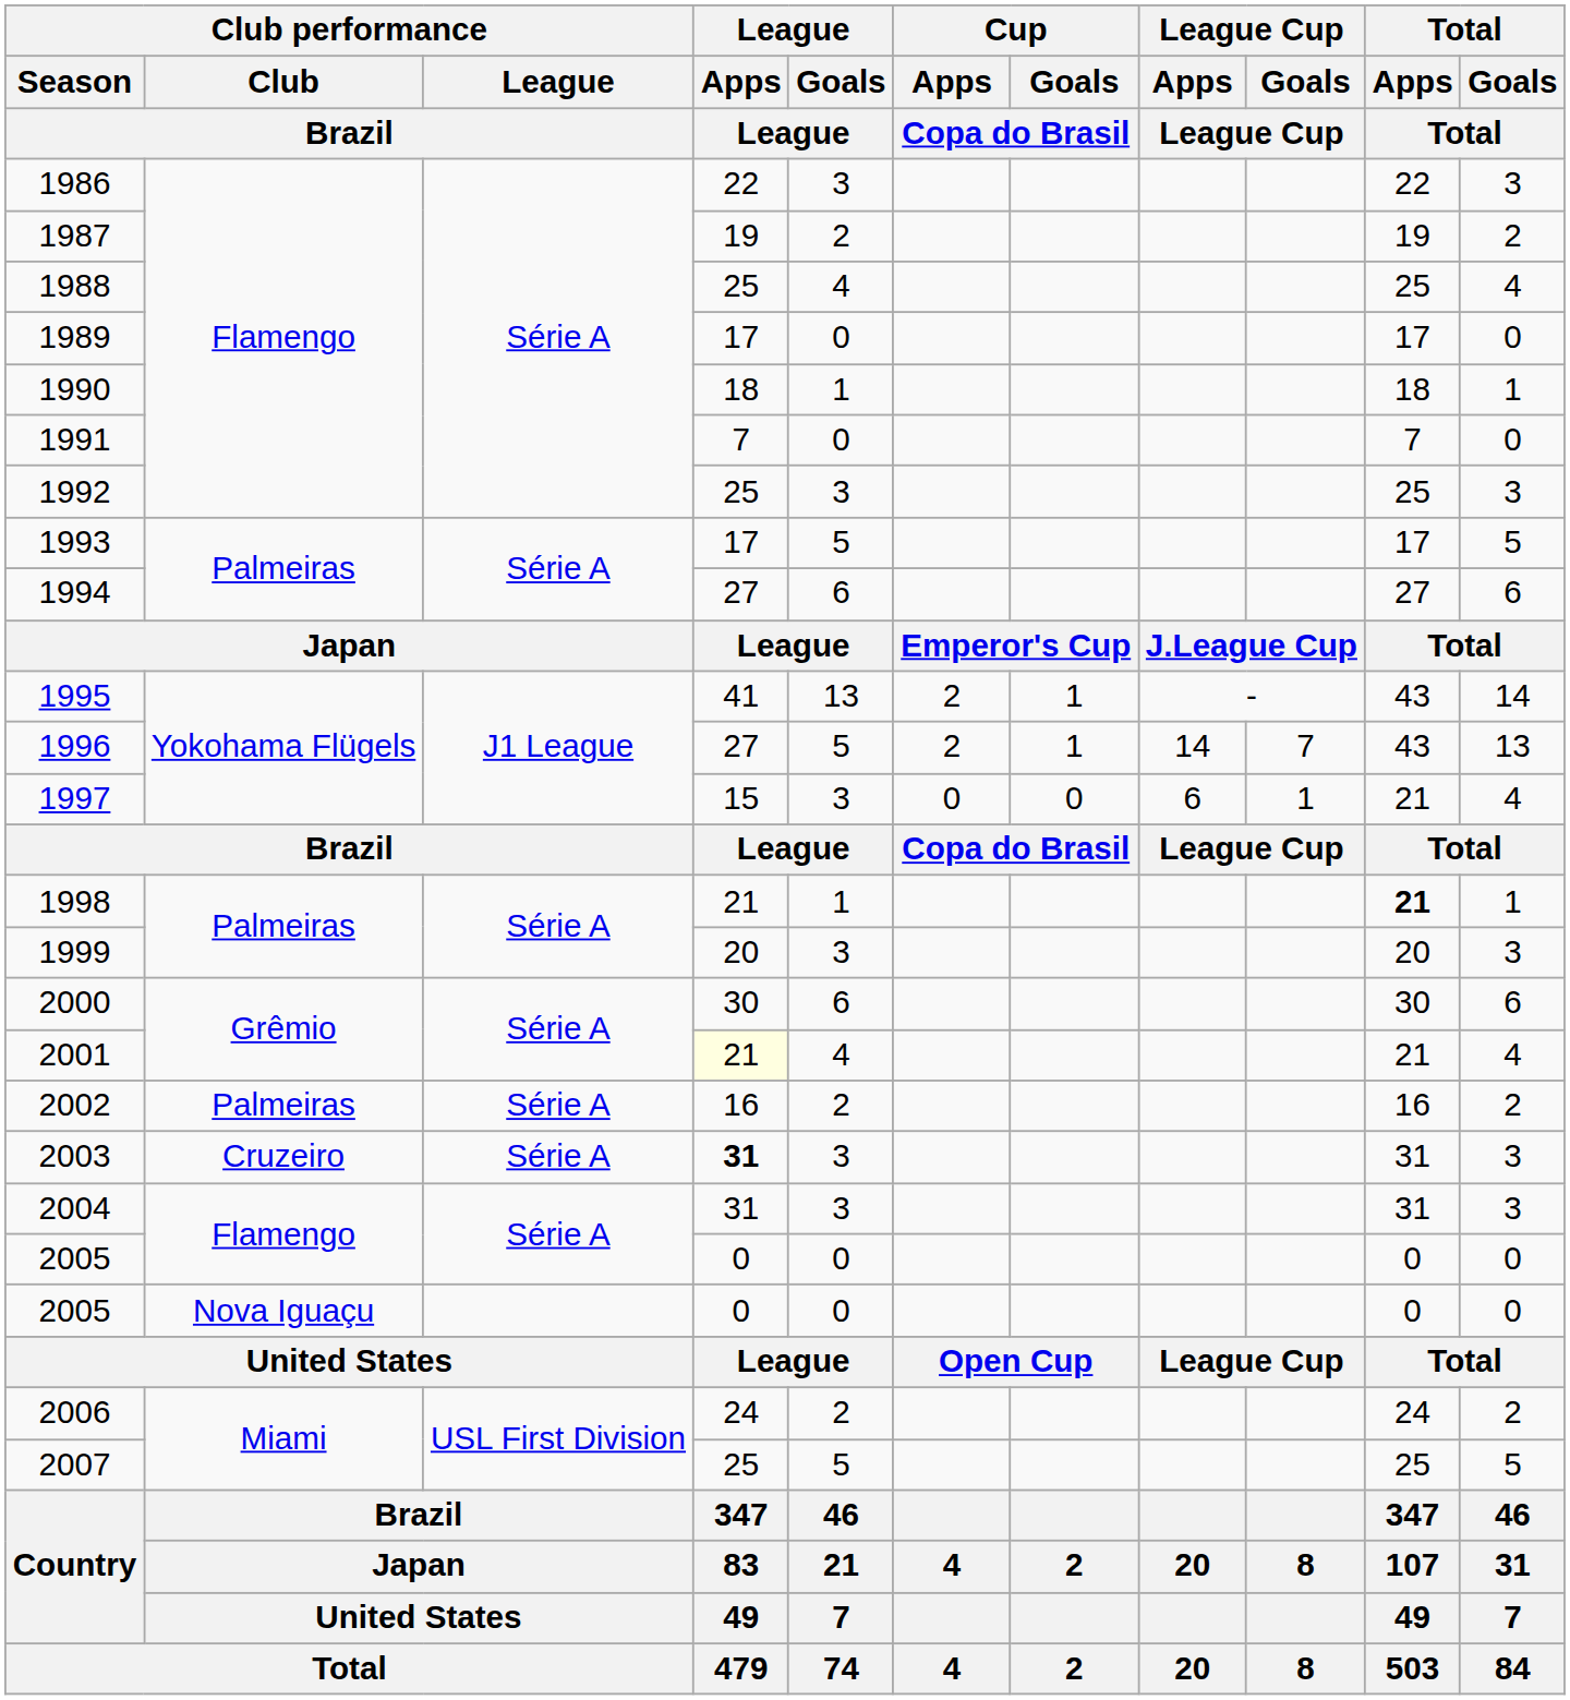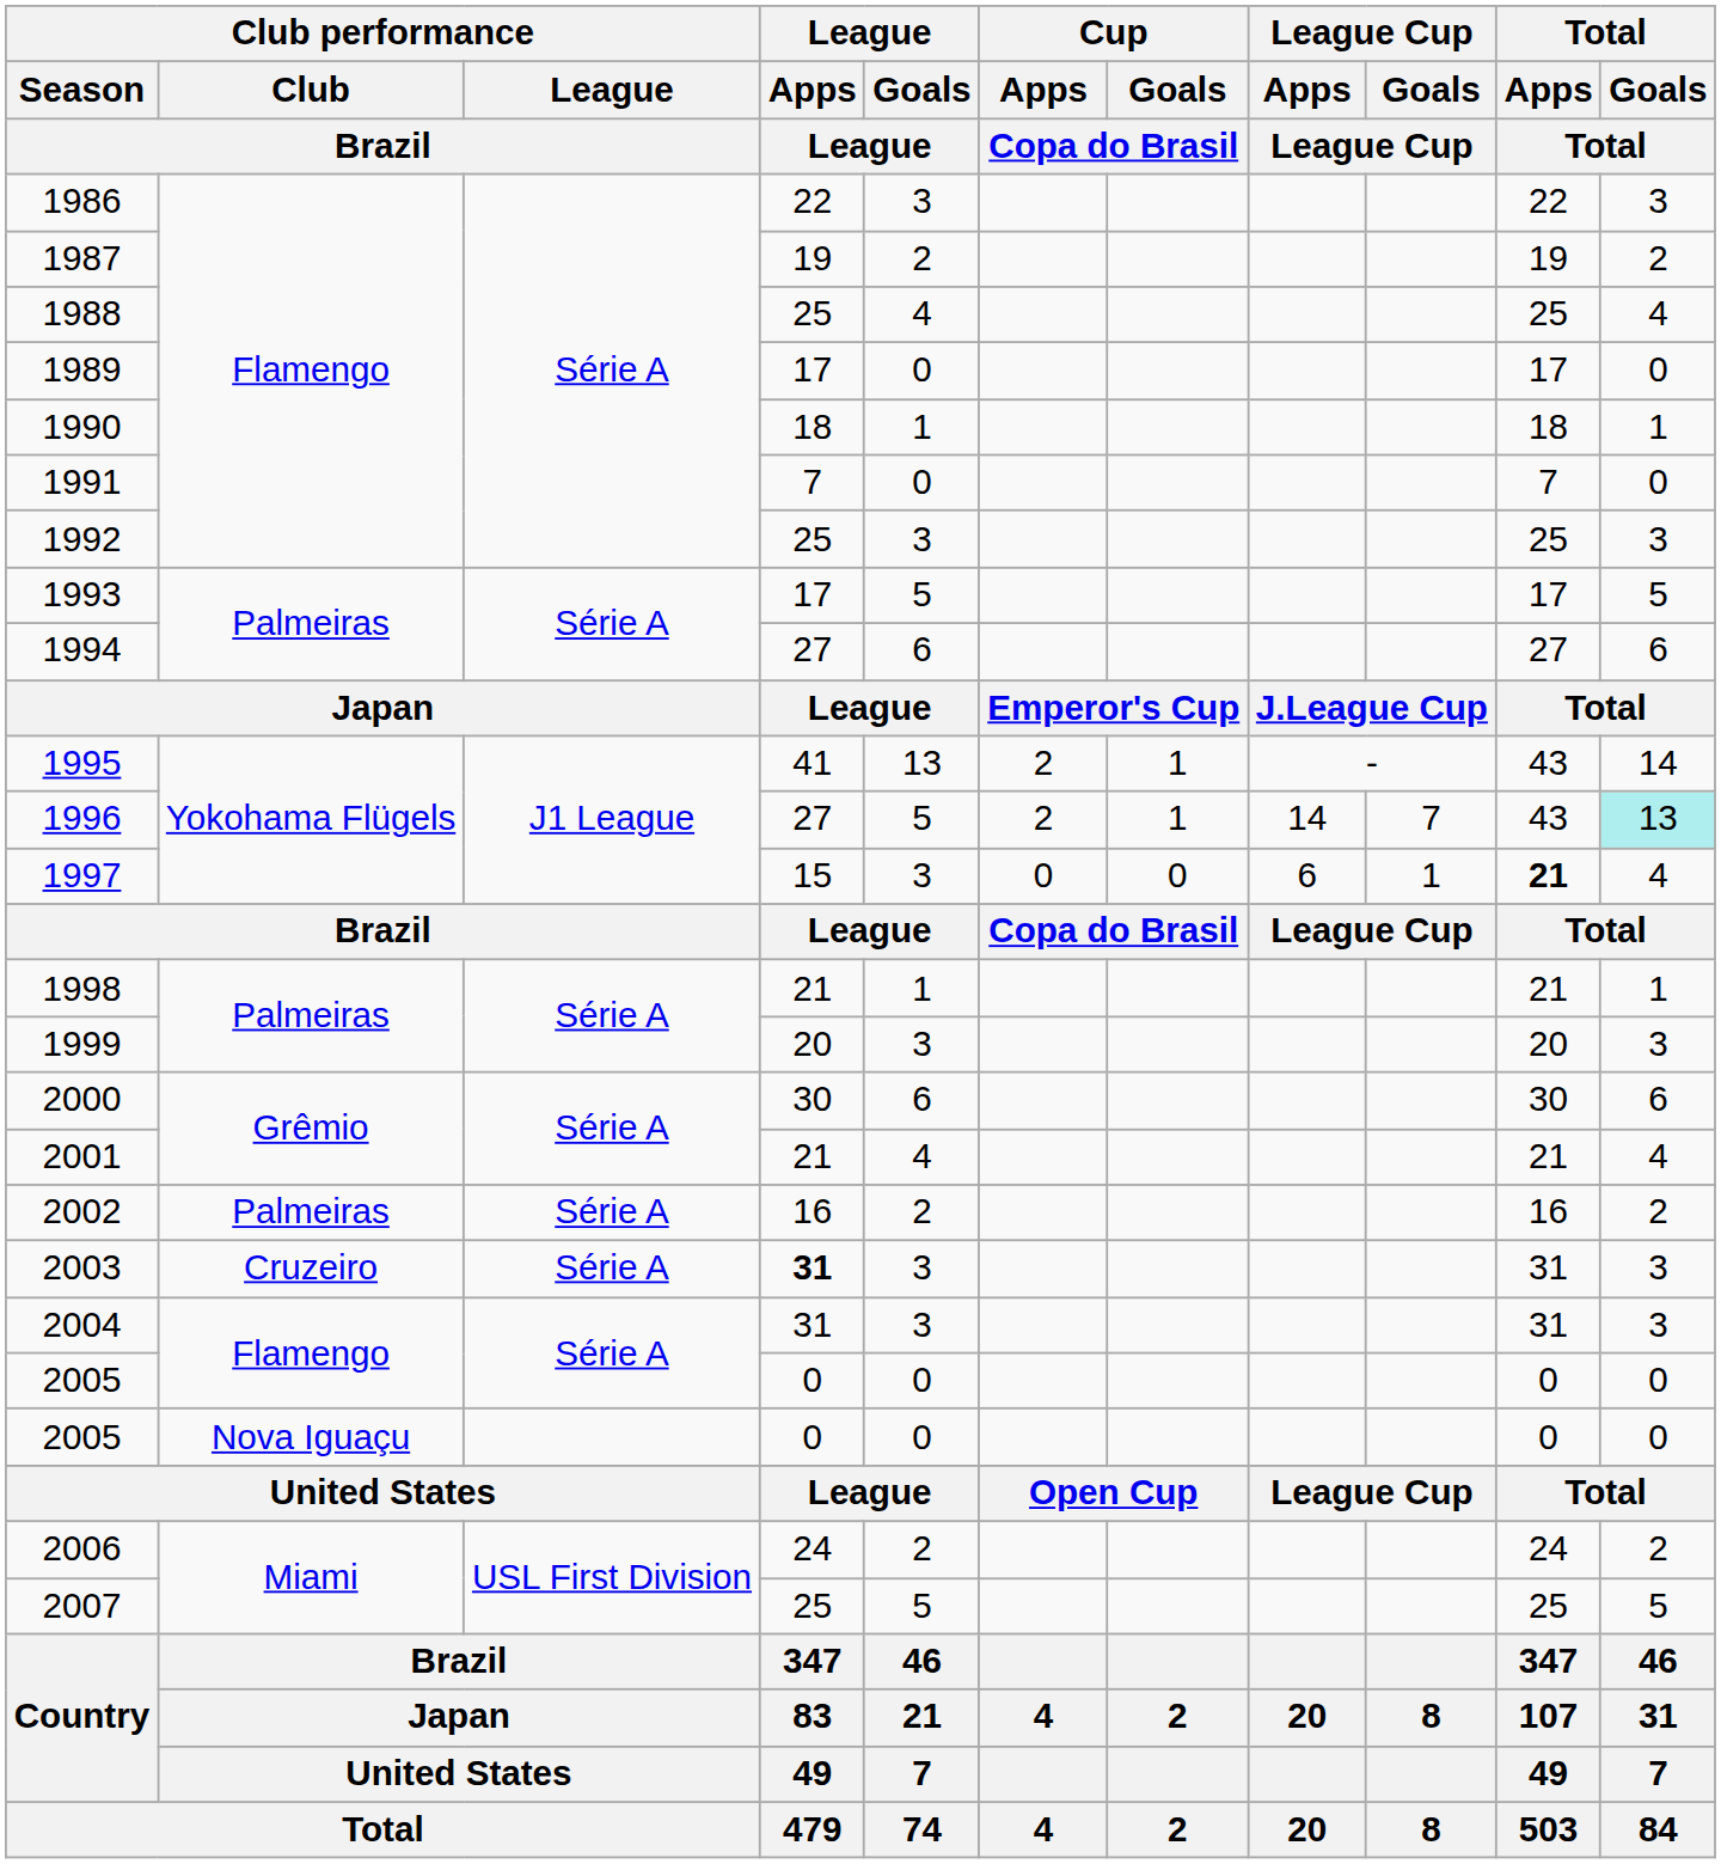 <table class="wikitable" style="text-align:center;">
 <tr>
 <th colspan=3>Club performance</th>
 <th colspan=2>League</th>
 <th colspan=2>Cup</th>
 <th colspan=2>League Cup</th>
 <th colspan=2>Total</th>
 </tr>
 <tr>
 <th>Season</th>
 <th>Club</th>
 <th>League</th>
 <th>Apps</th>
 <th>Goals</th>
 <th>Apps</th>
 <th>Goals</th>
 <th>Apps</th>
 <th>Goals</th>
 <th>Apps</th>
 <th>Goals</th>
 </tr>
 <tr>
 <th colspan=3>Brazil</th>
 <th colspan=2>League</th>
 <th colspan=2><a href='#'>Copa do Brasil</a></th>
 <th colspan=2>League Cup</th>
 <th colspan=2>Total</th>
 </tr>
 <tr>
 <td>1986</td>
 <td rowspan="7"><a href='#'>Flamengo</a></td>
 <td rowspan="7"><a href='#'>Série A</a></td>
 <td>22</td>
 <td>3</td>
 <td></td>
 <td></td>
 <td></td>
 <td></td>
 <td>22</td>
 <td>3</td>
 </tr>
 <tr>
 <td>1987</td>
 <td>19</td>
 <td>2</td>
 <td></td>
 <td></td>
 <td></td>
 <td></td>
 <td>19</td>
 <td>2</td>
 </tr>
 <tr>
 <td>1988</td>
 <td>25</td>
 <td>4</td>
 <td></td>
 <td></td>
 <td></td>
 <td></td>
 <td>25</td>
 <td>4</td>
 </tr>
 <tr>
 <td>1989</td>
 <td>17</td>
 <td>0</td>
 <td></td>
 <td></td>
 <td></td>
 <td></td>
 <td>17</td>
 <td>0</td>
 </tr>
 <tr>
 <td>1990</td>
 <td>18</td>
 <td>1</td>
 <td></td>
 <td></td>
 <td></td>
 <td></td>
 <td>18</td>
 <td>1</td>
 </tr>
 <tr>
 <td>1991</td>
 <td>7</td>
 <td>0</td>
 <td></td>
 <td></td>
 <td></td>
 <td></td>
 <td>7</td>
 <td>0</td>
 </tr>
 <tr>
 <td>1992</td>
 <td>25</td>
 <td>3</td>
 <td></td>
 <td></td>
 <td></td>
 <td></td>
 <td>25</td>
 <td>3</td>
 </tr>
 <tr>
 <td>1993</td>
 <td rowspan="2"><a href='#'>Palmeiras</a></td>
 <td rowspan="2"><a href='#'>Série A</a></td>
 <td>17</td>
 <td>5</td>
 <td></td>
 <td></td>
 <td></td>
 <td></td>
 <td>17</td>
 <td>5</td>
 </tr>
 <tr>
 <td>1994</td>
 <td>27</td>
 <td>6</td>
 <td></td>
 <td></td>
 <td></td>
 <td></td>
 <td>27</td>
 <td>6</td>
 </tr>
 <tr>
 <th colspan=3>Japan</th>
 <th colspan=2>League</th>
 <th colspan=2><a href='#'>Emperor's Cup</a></th>
 <th colspan=2><a href='#'>J.League Cup</a></th>
 <th colspan=2>Total</th>
 </tr>
 <tr>
 <td><a href='#'>1995</a></td>
 <td rowspan="3"><a href='#'>Yokohama Flügels</a></td>
 <td rowspan="3"><a href='#'>J1 League</a></td>
 <td>41</td>
 <td>13</td>
 <td>2</td>
 <td>1</td>
 <td colspan="2">-</td>
 <td>43</td>
 <td>14</td>
 </tr>
 <tr>
 <td><a href='#'>1996</a></td>
 <td>27</td>
 <td>5</td>
 <td>2</td>
 <td>1</td>
 <td>14</td>
 <td>7</td>
 <td>43</td>
-<td>13</td>
+<td style="background: paleturquoise;">13</td>
 </tr>
 <tr>
 <td><a href='#'>1997</a></td>
 <td>15</td>
 <td>3</td>
 <td>0</td>
 <td>0</td>
 <td>6</td>
 <td>1</td>
-<td>21</td>
+<td><strong>21</strong></td>
 <td>4</td>
 </tr>
 <tr>
 <th colspan=3>Brazil</th>
 <th colspan=2>League</th>
 <th colspan=2><a href='#'>Copa do Brasil</a></th>
 <th colspan=2>League Cup</th>
 <th colspan=2>Total</th>
 </tr>
 <tr>
 <td>1998</td>
 <td rowspan="2"><a href='#'>Palmeiras</a></td>
 <td rowspan="2"><a href='#'>Série A</a></td>
 <td>21</td>
 <td>1</td>
 <td></td>
 <td></td>
 <td></td>
 <td></td>
-<td><strong>21</strong></td>
+<td>21</td>
 <td>1</td>
 </tr>
 <tr>
 <td>1999</td>
 <td>20</td>
 <td>3</td>
 <td></td>
 <td></td>
 <td></td>
 <td></td>
 <td>20</td>
 <td>3</td>
 </tr>
 <tr>
 <td>2000</td>
 <td rowspan="2"><a href='#'>Grêmio</a></td>
 <td rowspan="2"><a href='#'>Série A</a></td>
 <td>30</td>
 <td>6</td>
 <td></td>
 <td></td>
 <td></td>
 <td></td>
 <td>30</td>
 <td>6</td>
 </tr>
 <tr>
 <td>2001</td>
-<td style="background: lightyellow;">21</td>
+<td>21</td>
 <td>4</td>
 <td></td>
 <td></td>
 <td></td>
 <td></td>
 <td>21</td>
 <td>4</td>
 </tr>
 <tr>
 <td>2002</td>
 <td><a href='#'>Palmeiras</a></td>
 <td><a href='#'>Série A</a></td>
 <td>16</td>
 <td>2</td>
 <td></td>
 <td></td>
 <td></td>
 <td></td>
 <td>16</td>
 <td>2</td>
 </tr>
 <tr>
 <td>2003</td>
 <td><a href='#'>Cruzeiro</a></td>
 <td><a href='#'>Série A</a></td>
 <td><strong>31</strong></td>
 <td>3</td>
 <td></td>
 <td></td>
 <td></td>
 <td></td>
 <td>31</td>
 <td>3</td>
 </tr>
 <tr>
 <td>2004</td>
 <td rowspan="2"><a href='#'>Flamengo</a></td>
 <td rowspan="2"><a href='#'>Série A</a></td>
 <td>31</td>
 <td>3</td>
 <td></td>
 <td></td>
 <td></td>
 <td></td>
 <td>31</td>
 <td>3</td>
 </tr>
 <tr>
 <td>2005</td>
 <td>0</td>
 <td>0</td>
 <td></td>
 <td></td>
 <td></td>
 <td></td>
 <td>0</td>
 <td>0</td>
 </tr>
 <tr>
 <td>2005</td>
 <td><a href='#'>Nova Iguaçu</a></td>
 <td></td>
 <td>0</td>
 <td>0</td>
 <td></td>
 <td></td>
 <td></td>
 <td></td>
 <td>0</td>
 <td>0</td>
 </tr>
 <tr>
 <th colspan=3>United States</th>
 <th colspan=2>League</th>
 <th colspan=2><a href='#'>Open Cup</a></th>
 <th colspan=2>League Cup</th>
 <th colspan=2>Total</th>
 </tr>
 <tr>
 <td>2006</td>
 <td rowspan="2"><a href='#'>Miami</a></td>
 <td rowspan="2"><a href='#'>USL First Division</a></td>
 <td>24</td>
 <td>2</td>
 <td></td>
 <td></td>
 <td></td>
 <td></td>
 <td>24</td>
 <td>2</td>
 </tr>
 <tr>
 <td>2007</td>
 <td>25</td>
 <td>5</td>
 <td></td>
 <td></td>
 <td></td>
 <td></td>
 <td>25</td>
 <td>5</td>
 </tr>
 <tr>
 <th rowspan=3>Country</th>
 <th colspan=2>Brazil</th>
 <th>347</th>
 <th>46</th>
 <th></th>
 <th></th>
 <th></th>
 <th></th>
 <th>347</th>
 <th>46</th>
 </tr>
 <tr>
 <th colspan=2>Japan</th>
 <th>83</th>
 <th>21</th>
 <th>4</th>
 <th>2</th>
 <th>20</th>
 <th>8</th>
 <th>107</th>
 <th>31</th>
 </tr>
 <tr>
 <th colspan=2>United States</th>
 <th>49</th>
 <th>7</th>
 <th></th>
 <th></th>
 <th></th>
 <th></th>
 <th>49</th>
 <th>7</th>
 </tr>
 <tr>
 <th colspan=3>Total</th>
 <th>479</th>
 <th>74</th>
 <th>4</th>
 <th>2</th>
 <th>20</th>
 <th>8</th>
 <th>503</th>
 <th>84</th>
 </tr>
 </table>
